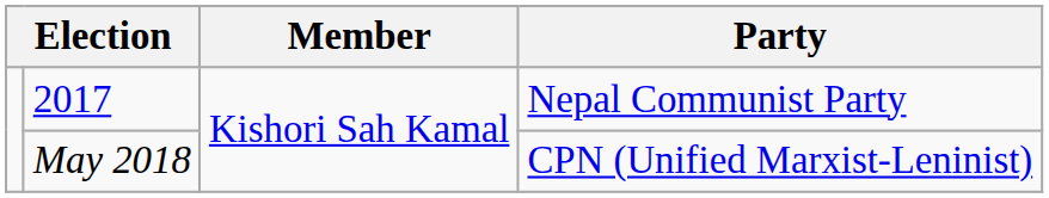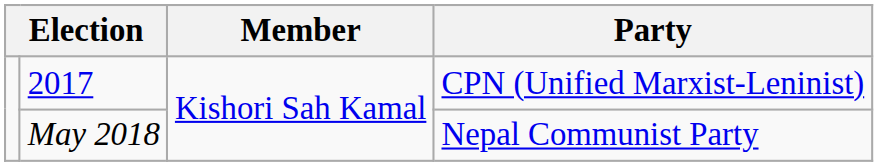 <table class="wikitable">
 <tr>
 <th colspan="2">Election</th>
 <th>Member</th>
 <th>Party</th>
 </tr>
 <tr>
 <td rowspan="2" style="background-color:"></td>
 <td><a href='#'>2017</a></td>
 <td rowspan="2"><a href='#'>Kishori Sah Kamal</a></td>
-<td><a href='#'>Nepal Communist Party</a></td>
+<td><a href='#'>CPN (Unified Marxist-Leninist)</a></td>
 </tr>
 <tr>
 <td><em>May 2018</em></td>
-<td><a href='#'>CPN (Unified Marxist-Leninist)</a></td>
+<td><a href='#'>Nepal Communist Party</a></td>
 </tr>
 </table>
